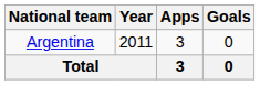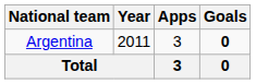 <table class=wikitable style=text-align:center>
 <tr>
 <th>National team</th>
 <th>Year</th>
 <th>Apps</th>
 <th>Goals</th>
 </tr>
 <tr>
 <td><a href='#'>Argentina</a></td>
 <td>2011</td>
 <td>3</td>
-<td>0</td>
+<td><strong>0</strong></td>
 </tr>
 <tr>
 <th colspan=2>Total</th>
 <th>3</th>
 <th>0</th>
 </tr>
 </table>
